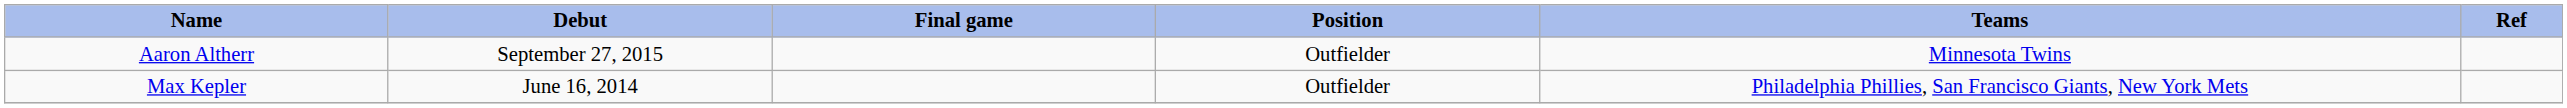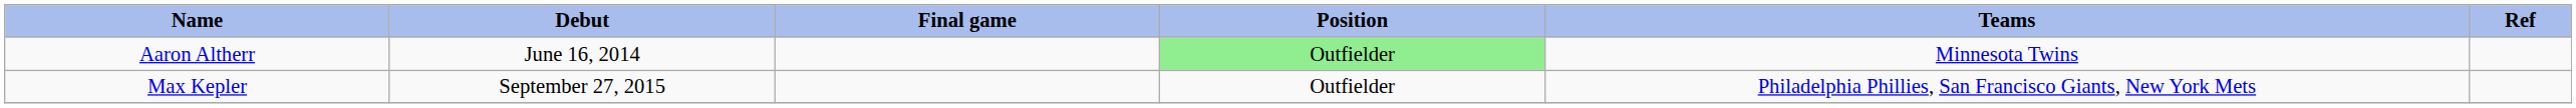 <table class="wikitable" style="width: 100%">
 <tr>
 <th style="background:#a8bdec; width:15%;">Name</th>
 <th style="width:15%; background:#a8bdec;">Debut</th>
 <th style="width:15%; background:#a8bdec;">Final game</th>
 <th style="width:15%; background:#a8bdec;">Position</th>
 <th style="width:36%; background:#a8bdec;">Teams</th>
 <th style="width:4%; background:#a8bdec;">Ref</th>
 </tr>
 <tr align=center>
 <td><a href='#'>Aaron Altherr</a></td>
-<td>September 27, 2015</td>
+<td>June 16, 2014</td>
 <td></td>
-<td>Outfielder</td>
+<td style="background: lightgreen;">Outfielder</td>
 <td><a href='#'>Minnesota Twins</a></td>
 <td></td>
 </tr>
 <tr align=center>
 <td><a href='#'>Max Kepler</a></td>
-<td>June 16, 2014</td>
+<td>September 27, 2015</td>
 <td></td>
 <td>Outfielder</td>
 <td><a href='#'>Philadelphia Phillies</a>, <a href='#'>San Francisco Giants</a>, <a href='#'>New York Mets</a></td>
 <td></td>
 </tr>
 <tr align=center>
 </tr>
 </table>
